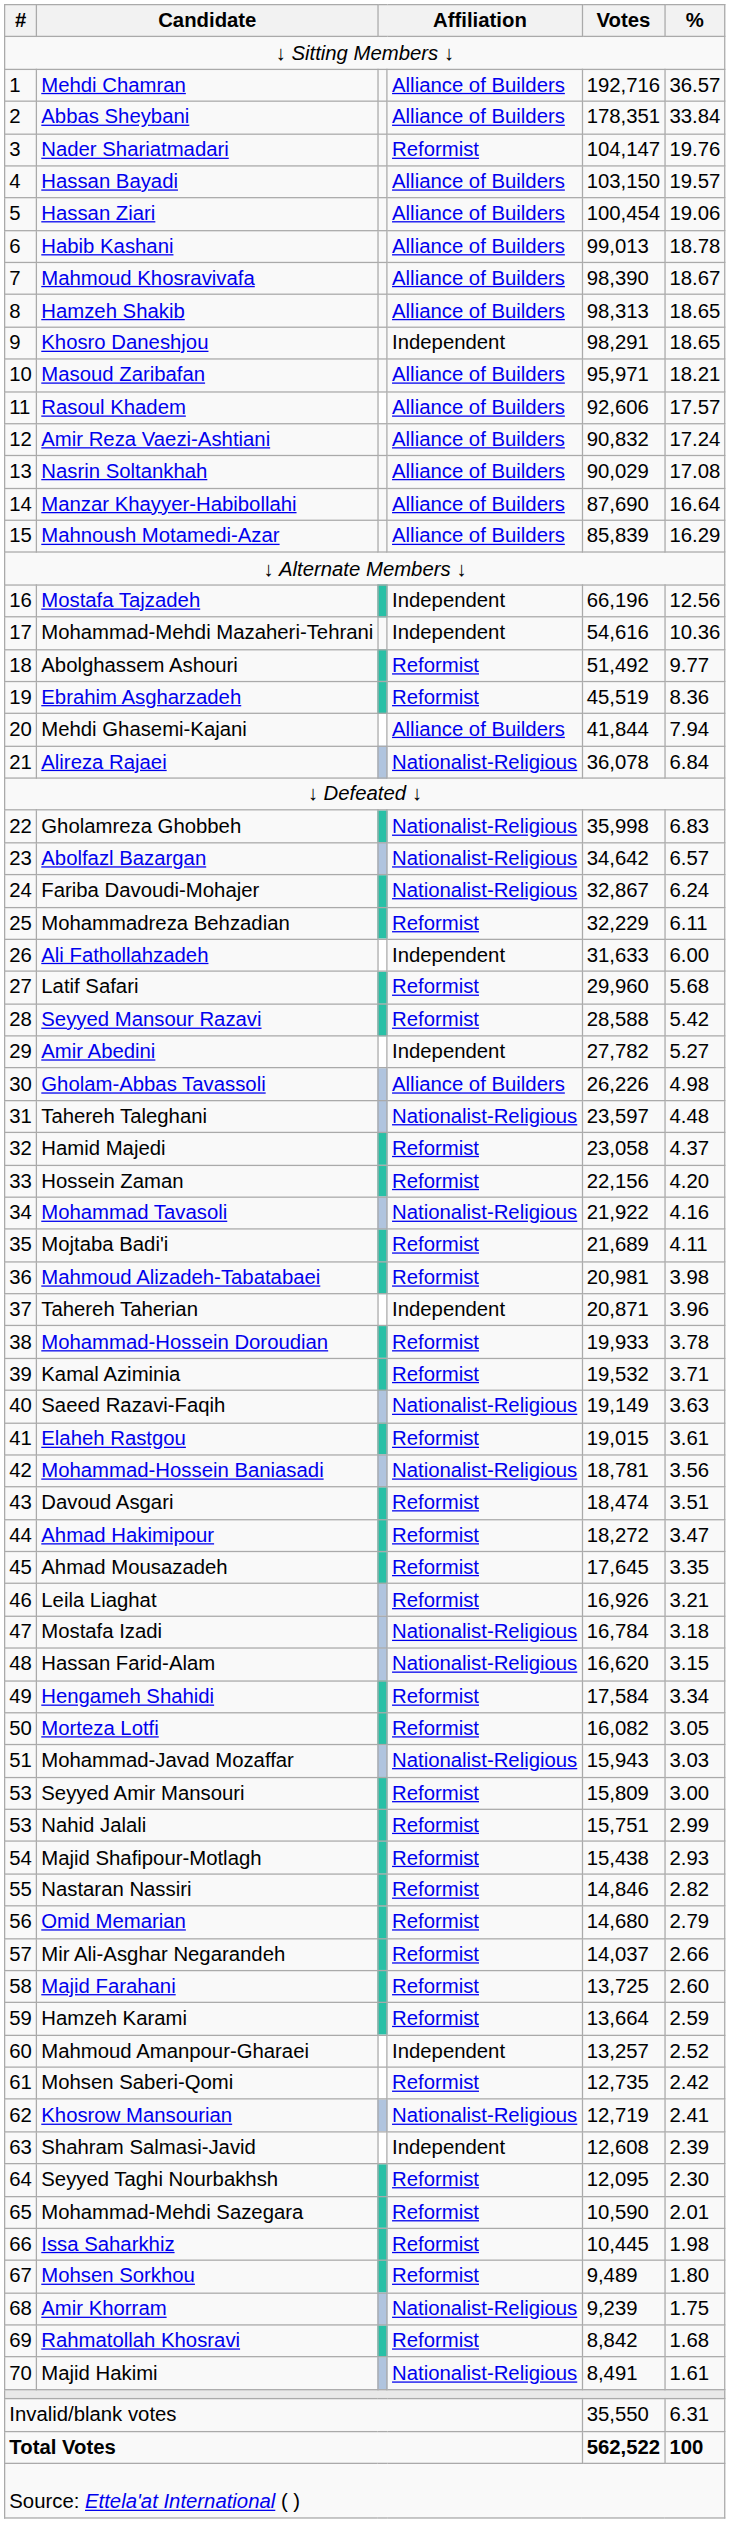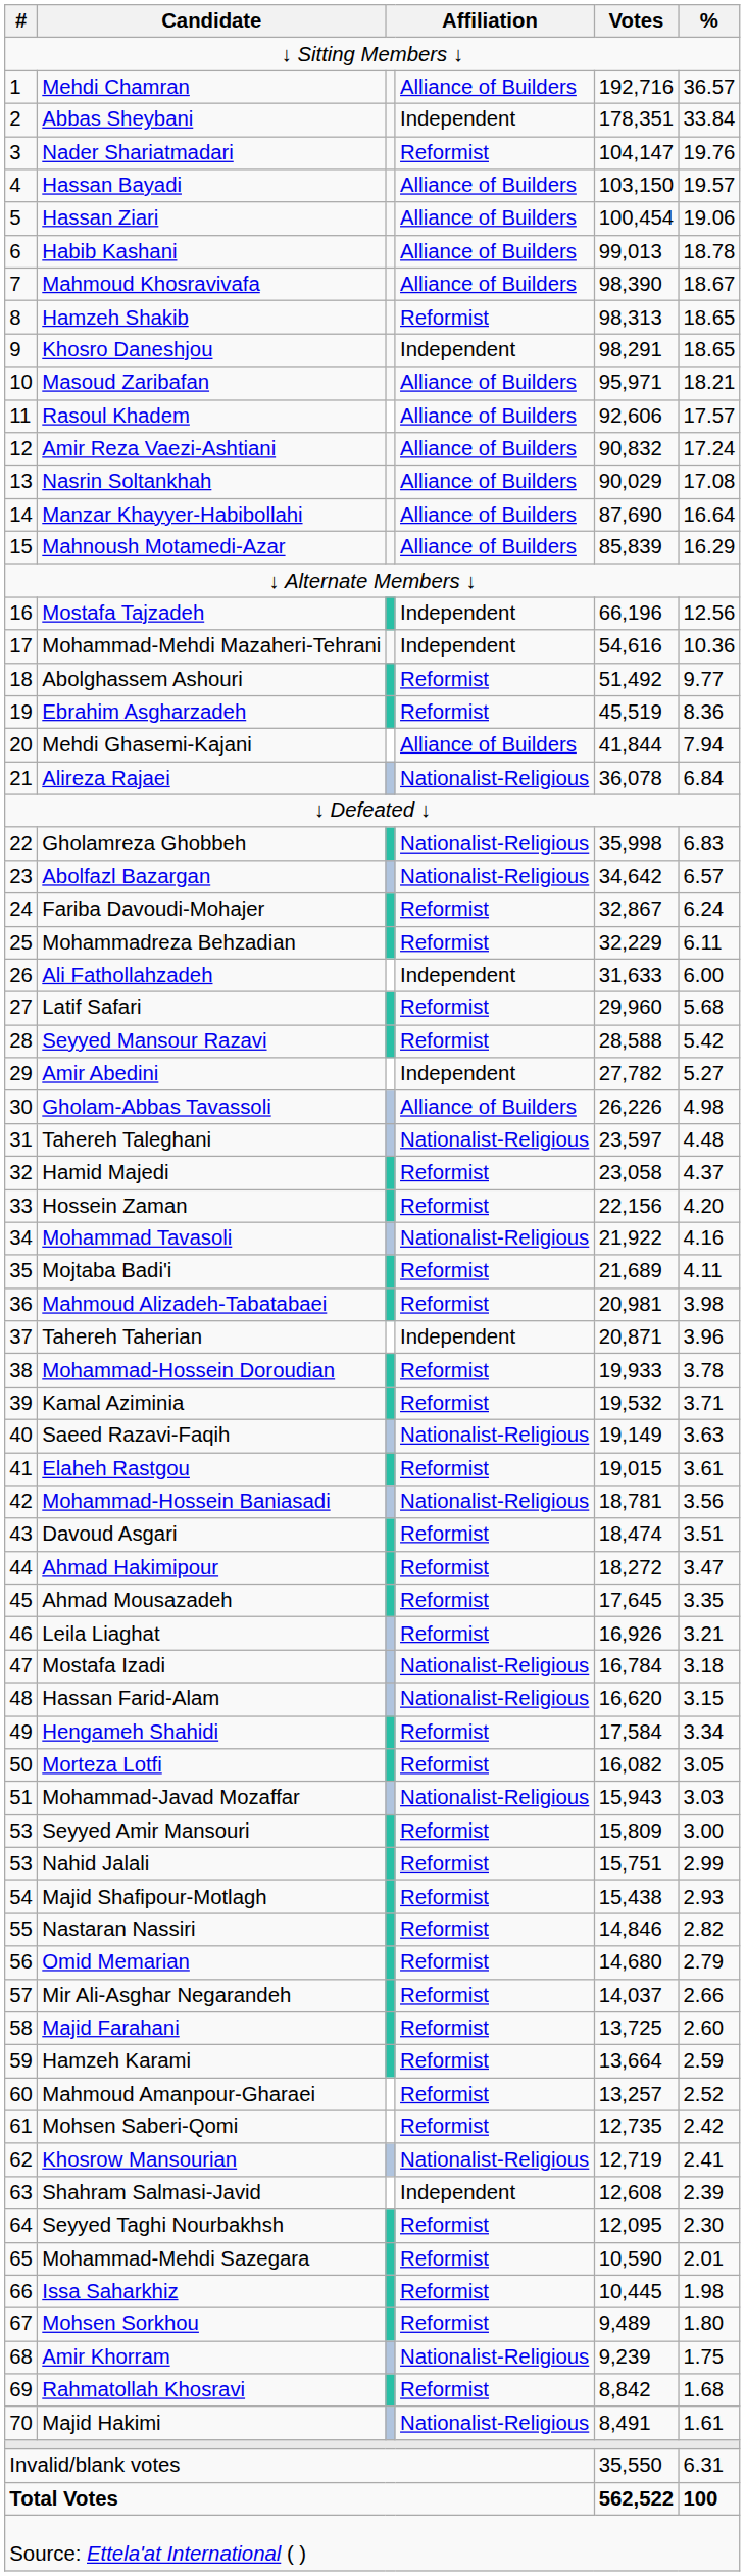 <table class=wikitable>
 <tr>
 <th>#</th>
 <th>Candidate</th>
 <th colspan="2">Affiliation</th>
 <th>Votes</th>
 <th>%</th>
 </tr>
 <tr>
 <td align=center colspan="7">↓ <em>Sitting Members</em> ↓</td>
 </tr>
 <tr>
 <td>1</td>
 <td><a href='#'>Mehdi Chamran</a></td>
 <td style="background:"></td>
 <td><a href='#'>Alliance of Builders</a></td>
 <td>192,716</td>
 <td>36.57</td>
 </tr>
 <tr>
 <td>2</td>
 <td><a href='#'>Abbas Sheybani</a></td>
 <td style="background:"></td>
-<td><a href='#'>Alliance of Builders</a></td>
+<td>Independent</td>
 <td>178,351</td>
 <td>33.84</td>
 </tr>
 <tr>
 <td>3</td>
 <td><a href='#'>Nader Shariatmadari</a></td>
 <td style="background:"></td>
 <td><a href='#'>Reformist</a></td>
 <td>104,147</td>
 <td>19.76</td>
 </tr>
 <tr>
 <td>4</td>
 <td><a href='#'>Hassan Bayadi</a></td>
 <td style="background:"></td>
 <td><a href='#'>Alliance of Builders</a></td>
 <td>103,150</td>
 <td>19.57</td>
 </tr>
 <tr>
 <td>5</td>
 <td><a href='#'>Hassan Ziari</a></td>
 <td style="background:"></td>
 <td><a href='#'>Alliance of Builders</a></td>
 <td>100,454</td>
 <td>19.06</td>
 </tr>
 <tr>
 <td>6</td>
 <td><a href='#'>Habib Kashani</a></td>
 <td style="background:"></td>
 <td><a href='#'>Alliance of Builders</a></td>
 <td>99,013</td>
 <td>18.78</td>
 </tr>
 <tr>
 <td>7</td>
 <td><a href='#'>Mahmoud Khosravivafa</a></td>
 <td style="background:"></td>
 <td><a href='#'>Alliance of Builders</a></td>
 <td>98,390</td>
 <td>18.67</td>
 </tr>
 <tr>
 <td>8</td>
 <td><a href='#'>Hamzeh Shakib</a></td>
 <td style="background:"></td>
-<td><a href='#'>Alliance of Builders</a></td>
+<td><a href='#'>Reformist</a></td>
 <td>98,313</td>
 <td>18.65</td>
 </tr>
 <tr>
 <td>9</td>
 <td><a href='#'>Khosro Daneshjou</a></td>
 <td style="background:"></td>
 <td>Independent</td>
 <td>98,291</td>
 <td>18.65</td>
 </tr>
 <tr>
 <td>10</td>
 <td><a href='#'>Masoud Zaribafan</a></td>
 <td style="background:"></td>
 <td><a href='#'>Alliance of Builders</a></td>
 <td>95,971</td>
 <td>18.21</td>
 </tr>
 <tr>
 <td>11</td>
 <td><a href='#'>Rasoul Khadem</a></td>
 <td style="background:#FFFFFF;"></td>
 <td><a href='#'>Alliance of Builders</a></td>
 <td>92,606</td>
 <td>17.57</td>
 </tr>
 <tr>
 <td>12</td>
 <td><a href='#'>Amir Reza Vaezi-Ashtiani</a></td>
 <td style="background:"></td>
 <td><a href='#'>Alliance of Builders</a></td>
 <td>90,832</td>
 <td>17.24</td>
 </tr>
 <tr>
 <td>13</td>
 <td><a href='#'>Nasrin Soltankhah</a></td>
 <td style="background:"></td>
 <td><a href='#'>Alliance of Builders</a></td>
 <td>90,029</td>
 <td>17.08</td>
 </tr>
 <tr>
 <td>14</td>
 <td><a href='#'>Manzar Khayyer-Habibollahi</a></td>
 <td style="background:"></td>
 <td><a href='#'>Alliance of Builders</a></td>
 <td>87,690</td>
 <td>16.64</td>
 </tr>
 <tr>
 <td>15</td>
 <td><a href='#'>Mahnoush Motamedi-Azar</a></td>
 <td style="background:"></td>
 <td><a href='#'>Alliance of Builders</a></td>
 <td>85,839</td>
 <td>16.29</td>
 </tr>
 <tr>
 <td align=center colspan="7">↓ <em>Alternate Members</em> ↓</td>
 </tr>
 <tr>
 <td>16</td>
 <td><a href='#'>Mostafa Tajzadeh</a></td>
 <td style="background:#28c0a6;"></td>
 <td>Independent</td>
 <td>66,196</td>
 <td>12.56</td>
 </tr>
 <tr>
 <td>17</td>
 <td>Mohammad-Mehdi Mazaheri-Tehrani</td>
 <td style="background:"></td>
 <td>Independent</td>
 <td>54,616</td>
 <td>10.36</td>
 </tr>
 <tr>
 <td>18</td>
 <td>Abolghassem Ashouri</td>
 <td style="background:#28c0a6;"></td>
 <td><a href='#'>Reformist</a></td>
 <td>51,492</td>
 <td>9.77</td>
 </tr>
 <tr>
 <td>19</td>
 <td><a href='#'>Ebrahim Asgharzadeh</a></td>
 <td style="background:#28c0a6;"></td>
 <td><a href='#'>Reformist</a></td>
 <td>45,519</td>
 <td>8.36</td>
 </tr>
 <tr>
 <td>20</td>
 <td>Mehdi Ghasemi-Kajani</td>
 <td style="background:#FFFFFF;"></td>
 <td><a href='#'>Alliance of Builders</a></td>
 <td>41,844</td>
 <td>7.94</td>
 </tr>
 <tr>
 <td>21</td>
 <td><a href='#'>Alireza Rajaei</a></td>
 <td style="background:#B0C4DE;"></td>
 <td><a href='#'>Nationalist-Religious</a></td>
 <td>36,078</td>
 <td>6.84</td>
 </tr>
 <tr>
 <td align=center colspan="7">↓ <em>Defeated</em> ↓</td>
 </tr>
 <tr>
 <td>22</td>
 <td>Gholamreza Ghobbeh</td>
 <td style="background:#28c0a6;"></td>
 <td><a href='#'>Nationalist-Religious</a></td>
 <td>35,998</td>
 <td>6.83</td>
 </tr>
 <tr>
 <td>23</td>
 <td><a href='#'>Abolfazl Bazargan</a></td>
 <td style="background:#B0C4DE;"></td>
 <td><a href='#'>Nationalist-Religious</a></td>
 <td>34,642</td>
 <td>6.57</td>
 </tr>
 <tr>
 <td>24</td>
 <td>Fariba Davoudi-Mohajer</td>
 <td style="background:#28c0a6;"></td>
-<td><a href='#'>Nationalist-Religious</a></td>
+<td><a href='#'>Reformist</a></td>
 <td>32,867</td>
 <td>6.24</td>
 </tr>
 <tr>
 <td>25</td>
 <td>Mohammadreza Behzadian</td>
 <td style="background:#28c0a6;"></td>
 <td><a href='#'>Reformist</a></td>
 <td>32,229</td>
 <td>6.11</td>
 </tr>
 <tr>
 <td>26</td>
 <td><a href='#'>Ali Fathollahzadeh</a></td>
 <td style="background:#FFFFFF;"></td>
 <td>Independent</td>
 <td>31,633</td>
 <td>6.00</td>
 </tr>
 <tr>
 <td>27</td>
 <td>Latif Safari</td>
 <td style="background:#28c0a6;"></td>
 <td><a href='#'>Reformist</a></td>
 <td>29,960</td>
 <td>5.68</td>
 </tr>
 <tr>
 <td>28</td>
 <td><a href='#'>Seyyed Mansour Razavi</a></td>
 <td style="background:#28c0a6;"></td>
 <td><a href='#'>Reformist</a></td>
 <td>28,588</td>
 <td>5.42</td>
 </tr>
 <tr>
 <td>29</td>
 <td><a href='#'>Amir Abedini</a></td>
 <td style="background:#FFFFFF;"></td>
 <td>Independent</td>
 <td>27,782</td>
 <td>5.27</td>
 </tr>
 <tr>
 <td>30</td>
 <td><a href='#'>Gholam-Abbas Tavassoli</a></td>
 <td style="background:#B0C4DE;"></td>
 <td><a href='#'>Alliance of Builders</a></td>
 <td>26,226</td>
 <td>4.98</td>
 </tr>
 <tr>
 <td>31</td>
 <td>Tahereh Taleghani</td>
 <td style="background:#B0C4DE;"></td>
 <td><a href='#'>Nationalist-Religious</a></td>
 <td>23,597</td>
 <td>4.48</td>
 </tr>
 <tr>
 <td>32</td>
 <td>Hamid Majedi</td>
 <td style="background:#28c0a6;"></td>
 <td><a href='#'>Reformist</a></td>
 <td>23,058</td>
 <td>4.37</td>
 </tr>
 <tr>
 <td>33</td>
 <td>Hossein Zaman</td>
 <td style="background:#28c0a6;"></td>
 <td><a href='#'>Reformist</a></td>
 <td>22,156</td>
 <td>4.20</td>
 </tr>
 <tr>
 <td>34</td>
 <td><a href='#'>Mohammad Tavasoli</a></td>
 <td style="background:#B0C4DE;"></td>
 <td><a href='#'>Nationalist-Religious</a></td>
 <td>21,922</td>
 <td>4.16</td>
 </tr>
 <tr>
 <td>35</td>
 <td>Mojtaba Badi'i</td>
 <td style="background:#28c0a6;"></td>
 <td><a href='#'>Reformist</a></td>
 <td>21,689</td>
 <td>4.11</td>
 </tr>
 <tr>
 <td>36</td>
 <td><a href='#'>Mahmoud Alizadeh-Tabatabaei</a></td>
 <td style="background:#28c0a6;"></td>
 <td><a href='#'>Reformist</a></td>
 <td>20,981</td>
 <td>3.98</td>
 </tr>
 <tr>
 <td>37</td>
 <td>Tahereh Taherian</td>
 <td style="background:#FFFFFF;"></td>
 <td>Independent</td>
 <td>20,871</td>
 <td>3.96</td>
 </tr>
 <tr>
 <td>38</td>
 <td><a href='#'>Mohammad-Hossein Doroudian</a></td>
 <td style="background:#28c0a6;"></td>
 <td><a href='#'>Reformist</a></td>
 <td>19,933</td>
 <td>3.78</td>
 </tr>
 <tr>
 <td>39</td>
 <td>Kamal Aziminia</td>
 <td style="background:#28c0a6;"></td>
 <td><a href='#'>Reformist</a></td>
 <td>19,532</td>
 <td>3.71</td>
 </tr>
 <tr>
 <td>40</td>
 <td>Saeed Razavi-Faqih</td>
 <td style="background:#B0C4DE;"></td>
 <td><a href='#'>Nationalist-Religious</a></td>
 <td>19,149</td>
 <td>3.63</td>
 </tr>
 <tr>
 <td>41</td>
 <td><a href='#'>Elaheh Rastgou</a></td>
 <td style="background:#28c0a6;"></td>
 <td><a href='#'>Reformist</a></td>
 <td>19,015</td>
 <td>3.61</td>
 </tr>
 <tr>
 <td>42</td>
 <td><a href='#'>Mohammad-Hossein Baniasadi</a></td>
 <td style="background:#B0C4DE;"></td>
 <td><a href='#'>Nationalist-Religious</a></td>
 <td>18,781</td>
 <td>3.56</td>
 </tr>
 <tr>
 <td>43</td>
 <td>Davoud Asgari</td>
 <td style="background:#28c0a6;"></td>
 <td><a href='#'>Reformist</a></td>
 <td>18,474</td>
 <td>3.51</td>
 </tr>
 <tr>
 <td>44</td>
 <td><a href='#'>Ahmad Hakimipour</a></td>
 <td style="background:#28c0a6;"></td>
 <td><a href='#'>Reformist</a></td>
 <td>18,272</td>
 <td>3.47</td>
 </tr>
 <tr>
 <td>45</td>
 <td>Ahmad Mousazadeh</td>
 <td style="background:#28c0a6;"></td>
 <td><a href='#'>Reformist</a></td>
 <td>17,645</td>
 <td>3.35</td>
 </tr>
 <tr>
 <td>46</td>
 <td>Leila Liaghat</td>
 <td style="background:#B0C4DE;"></td>
 <td><a href='#'>Reformist</a></td>
 <td>16,926</td>
 <td>3.21</td>
 </tr>
 <tr>
 <td>47</td>
 <td>Mostafa Izadi</td>
 <td style="background:#B0C4DE;"></td>
 <td><a href='#'>Nationalist-Religious</a></td>
 <td>16,784</td>
 <td>3.18</td>
 </tr>
 <tr>
 <td>48</td>
 <td>Hassan Farid-Alam</td>
 <td style="background:#B0C4DE;"></td>
 <td><a href='#'>Nationalist-Religious</a></td>
 <td>16,620</td>
 <td>3.15</td>
 </tr>
 <tr>
 <td>49</td>
 <td><a href='#'>Hengameh Shahidi</a></td>
 <td style="background:#28c0a6;"></td>
 <td><a href='#'>Reformist</a></td>
 <td>17,584</td>
 <td>3.34</td>
 </tr>
 <tr>
 <td>50</td>
 <td><a href='#'>Morteza Lotfi</a></td>
 <td style="background:#28c0a6;"></td>
 <td><a href='#'>Reformist</a></td>
 <td>16,082</td>
 <td>3.05</td>
 </tr>
 <tr>
 <td>51</td>
 <td>Mohammad-Javad Mozaffar</td>
 <td style="background:#B0C4DE;"></td>
 <td><a href='#'>Nationalist-Religious</a></td>
 <td>15,943</td>
 <td>3.03</td>
 </tr>
 <tr>
 <td>53</td>
 <td>Seyyed Amir Mansouri</td>
 <td style="background:#28c0a6;"></td>
 <td><a href='#'>Reformist</a></td>
 <td>15,809</td>
 <td>3.00</td>
 </tr>
 <tr>
 <td>53</td>
 <td>Nahid Jalali</td>
 <td style="background:#28c0a6;"></td>
 <td><a href='#'>Reformist</a></td>
 <td>15,751</td>
 <td>2.99</td>
 </tr>
 <tr>
 <td>54</td>
 <td>Majid Shafipour-Motlagh</td>
 <td style="background:#28c0a6;"></td>
 <td><a href='#'>Reformist</a></td>
 <td>15,438</td>
 <td>2.93</td>
 </tr>
 <tr>
 <td>55</td>
 <td>Nastaran Nassiri</td>
 <td style="background:#28c0a6;"></td>
 <td><a href='#'>Reformist</a></td>
 <td>14,846</td>
 <td>2.82</td>
 </tr>
 <tr>
 <td>56</td>
 <td><a href='#'>Omid Memarian</a></td>
 <td style="background:#28c0a6;"></td>
 <td><a href='#'>Reformist</a></td>
 <td>14,680</td>
 <td>2.79</td>
 </tr>
 <tr>
 <td>57</td>
 <td>Mir Ali-Asghar Negarandeh</td>
 <td style="background:#28c0a6;"></td>
 <td><a href='#'>Reformist</a></td>
 <td>14,037</td>
 <td>2.66</td>
 </tr>
 <tr>
 <td>58</td>
 <td><a href='#'>Majid Farahani</a></td>
 <td style="background:#28c0a6;"></td>
 <td><a href='#'>Reformist</a></td>
 <td>13,725</td>
 <td>2.60</td>
 </tr>
 <tr>
 <td>59</td>
 <td>Hamzeh Karami</td>
 <td style="background:#28c0a6;"></td>
 <td><a href='#'>Reformist</a></td>
 <td>13,664</td>
 <td>2.59</td>
 </tr>
 <tr>
 <td>60</td>
 <td>Mahmoud Amanpour-Gharaei</td>
 <td style="background:#FFFFFF;"></td>
-<td>Independent</td>
+<td><a href='#'>Reformist</a></td>
 <td>13,257</td>
 <td>2.52</td>
 </tr>
 <tr>
 <td>61</td>
 <td>Mohsen Saberi-Qomi</td>
 <td style="background:#FFFFFF;"></td>
 <td><a href='#'>Reformist</a></td>
 <td>12,735</td>
 <td>2.42</td>
 </tr>
 <tr>
 <td>62</td>
 <td><a href='#'>Khosrow Mansourian</a></td>
 <td style="background:#B0C4DE;"></td>
 <td><a href='#'>Nationalist-Religious</a></td>
 <td>12,719</td>
 <td>2.41</td>
 </tr>
 <tr>
 <td>63</td>
 <td>Shahram Salmasi-Javid</td>
 <td style="background:#FFFFFF;"></td>
 <td>Independent</td>
 <td>12,608</td>
 <td>2.39</td>
 </tr>
 <tr>
 <td>64</td>
 <td>Seyyed Taghi Nourbakhsh</td>
 <td style="background:#28c0a6;"></td>
 <td><a href='#'>Reformist</a></td>
 <td>12,095</td>
 <td>2.30</td>
 </tr>
 <tr>
 <td>65</td>
 <td>Mohammad-Mehdi Sazegara</td>
 <td style="background:#28c0a6;"></td>
 <td><a href='#'>Reformist</a></td>
 <td>10,590</td>
 <td>2.01</td>
 </tr>
 <tr>
 <td>66</td>
 <td><a href='#'>Issa Saharkhiz</a></td>
 <td style="background:#28c0a6;"></td>
 <td><a href='#'>Reformist</a></td>
 <td>10,445</td>
 <td>1.98</td>
 </tr>
 <tr>
 <td>67</td>
 <td><a href='#'>Mohsen Sorkhou</a></td>
 <td style="background:#28c0a6;"></td>
 <td><a href='#'>Reformist</a></td>
 <td>9,489</td>
 <td>1.80</td>
 </tr>
 <tr>
 <td>68</td>
 <td><a href='#'>Amir Khorram</a></td>
 <td style="background:#B0C4DE;"></td>
 <td><a href='#'>Nationalist-Religious</a></td>
 <td>9,239</td>
 <td>1.75</td>
 </tr>
 <tr>
 <td>69</td>
 <td><a href='#'>Rahmatollah Khosravi</a></td>
 <td style="background:#28c0a6;"></td>
 <td><a href='#'>Reformist</a></td>
 <td>8,842</td>
 <td>1.68</td>
 </tr>
 <tr>
 <td>70</td>
 <td>Majid Hakimi</td>
 <td style="background:#B0C4DE;"></td>
 <td><a href='#'>Nationalist-Religious</a></td>
 <td>8,491</td>
 <td>1.61</td>
 </tr>
 <tr>
 <td colspan="9" style="background:#E9E9E9;"></td>
 </tr>
 <tr>
 <td colspan="4">Invalid/blank votes</td>
 <td>35,550</td>
 <td>6.31</td>
 </tr>
 <tr>
 <td colspan="4"><strong>Total Votes</strong></td>
 <td><strong>562,522</strong></td>
 <td><strong>100</strong></td>
 </tr>
 <tr>
 <td colspan="9"><br>Source: <em><a href='#'>Ettela'at International</a></em> (  )</td>
 </tr>
 </table>
